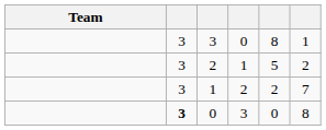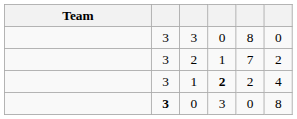 <table class="wikitable" style="text-align: center; font-size:95% ">
 <tr>
 <th width=160>Team</th>
 <th width=25></th>
 <th width=25></th>
 <th width=25></th>
 <th width=25></th>
 <th width=25></th>
 </tr>
 <tr bgcolor=>
 <td align=left></td>
 <td>3</td>
 <td>3</td>
 <td>0</td>
 <td>8</td>
-<td>1</td>
+<td>0</td>
 </tr>
 <tr bgcolor=>
 <td align=left></td>
 <td>3</td>
 <td>2</td>
 <td>1</td>
-<td>5</td>
+<td>7</td>
 <td>2</td>
 </tr>
 <tr>
 <td align=left></td>
 <td>3</td>
 <td>1</td>
+<td><strong>2</strong></td>
 <td>2</td>
-<td>2</td>
-<td>7</td>
+<td>4</td>
 </tr>
 <tr>
 <td align=left></td>
 <td><strong>3</strong></td>
 <td>0</td>
 <td>3</td>
 <td>0</td>
 <td>8</td>
 </tr>
 </table>
